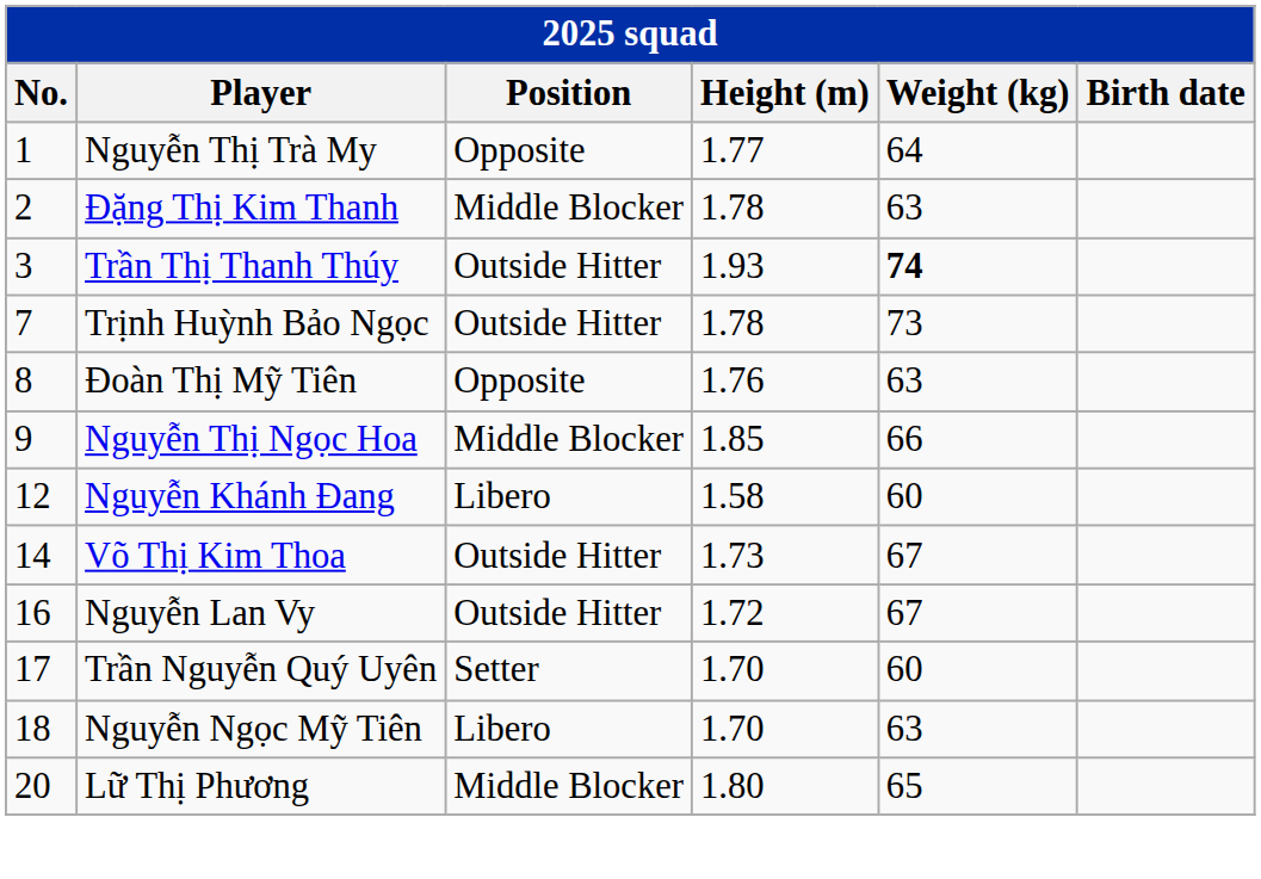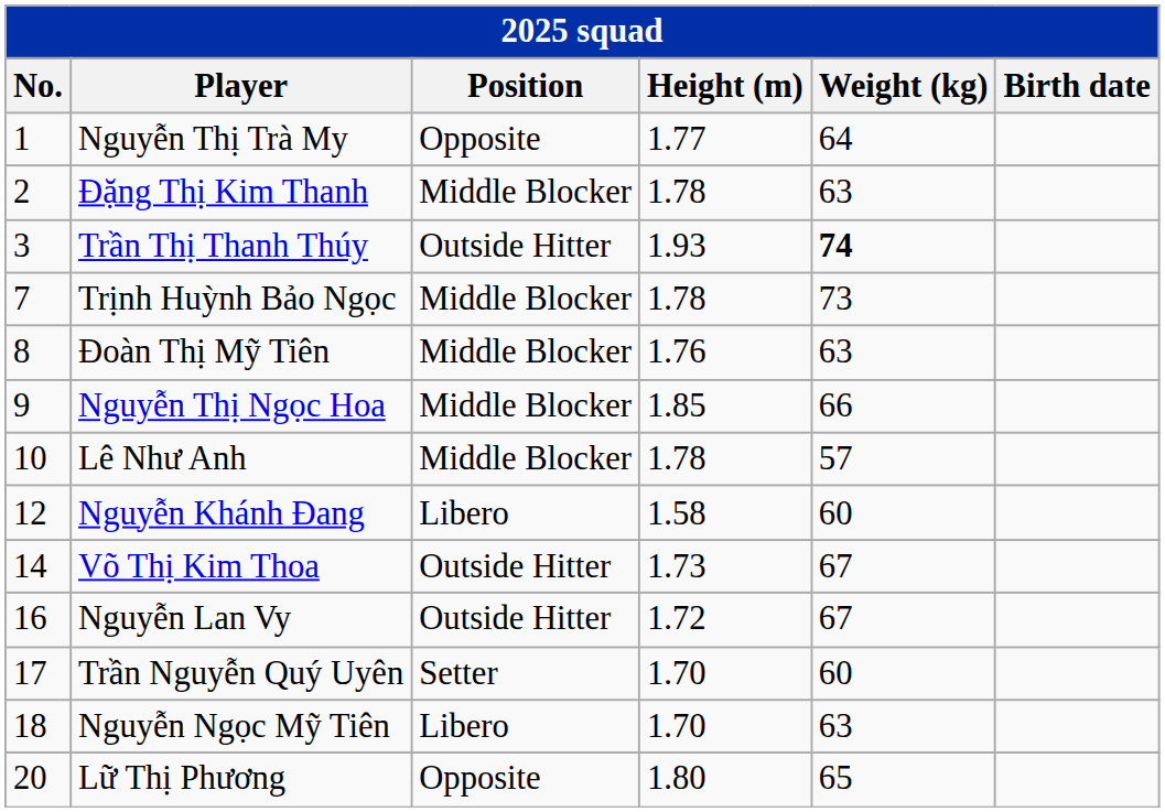 <table class="wikitable sortable" style="font-size:100%">
 <tr>
 <th colspan=6 style="background:#002FA7; color:#FFFFFF;">2025 squad</th>
 </tr>
 <tr>
 <th>No.</th>
 <th>Player</th>
 <th>Position</th>
 <th>Height (m)</th>
 <th>Weight (kg)</th>
 <th>Birth date</th>
 </tr>
 <tr>
 <td>1</td>
 <td> Nguyễn Thị Trà My</td>
 <td>Opposite</td>
 <td>1.77</td>
 <td>64</td>
 <td></td>
 </tr>
 <tr>
 <td>2</td>
 <td> <a href='#'>Đặng Thị Kim Thanh</a></td>
 <td>Middle Blocker</td>
 <td>1.78</td>
 <td>63</td>
 <td></td>
 </tr>
 <tr>
 <td>3</td>
 <td> <a href='#'>Trần Thị Thanh Thúy</a> </td>
 <td>Outside Hitter</td>
 <td>1.93</td>
 <td><strong>74</strong></td>
 <td></td>
 </tr>
 <tr>
 <td>7</td>
 <td> Trịnh Huỳnh Bảo Ngọc</td>
-<td>Outside Hitter</td>
+<td>Middle Blocker</td>
 <td>1.78</td>
 <td>73</td>
 <td></td>
 </tr>
 <tr>
 <td>8</td>
 <td> Đoàn Thị Mỹ Tiên</td>
-<td>Opposite</td>
+<td>Middle Blocker</td>
 <td>1.76</td>
 <td>63</td>
 <td></td>
 </tr>
 <tr>
 <td>9</td>
 <td> <a href='#'>Nguyễn Thị Ngọc Hoa</a></td>
 <td>Middle Blocker</td>
 <td>1.85</td>
 <td>66</td>
+<td></td>
+</tr>
+<tr>
+<td>10</td>
+<td> Lê Như Anh</td>
+<td>Middle Blocker</td>
+<td>1.78</td>
+<td>57</td>
 <td></td>
 </tr>
 <tr>
 <td>12</td>
 <td> <a href='#'>Nguyễn Khánh Đang</a></td>
 <td>Libero</td>
 <td>1.58</td>
 <td>60</td>
 <td></td>
 </tr>
 <tr>
 <td>14</td>
 <td> <a href='#'>Võ Thị Kim Thoa</a></td>
 <td>Outside Hitter</td>
 <td>1.73</td>
 <td>67</td>
 <td></td>
 </tr>
 <tr>
 <td>16</td>
 <td> Nguyễn Lan Vy</td>
 <td>Outside Hitter</td>
 <td>1.72</td>
 <td>67</td>
 <td></td>
 </tr>
 <tr>
 <td>17</td>
 <td> Trần Nguyễn Quý Uyên</td>
 <td>Setter</td>
 <td>1.70</td>
 <td>60</td>
 <td></td>
 </tr>
 <tr>
 <td>18</td>
 <td> Nguyễn Ngọc Mỹ Tiên</td>
 <td>Libero</td>
 <td>1.70</td>
 <td>63</td>
 <td></td>
 </tr>
 <tr>
 <td>20</td>
 <td> Lữ Thị Phương</td>
-<td>Middle Blocker</td>
+<td>Opposite</td>
 <td>1.80</td>
 <td>65</td>
 <td></td>
 </tr>
 </table>
